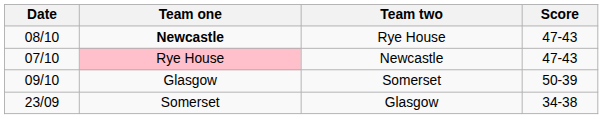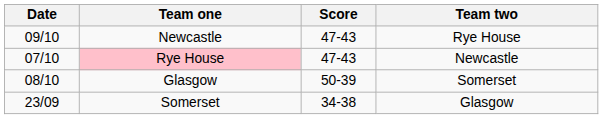 <table class="wikitable" style="text-align: center">
 <tr>
 <th width=80>Date</th>
 <th width=250>Team one</th>
+<th width=80>Score</th>
 <th width=250>Team two</th>
-<th width=80>Score</th>
 </tr>
 <tr>
-<td>08/10</td>
-<td><strong>Newcastle</strong></td>
+<td>09/10</td>
+<td>Newcastle</td>
+<td>47-43</td>
 <td>Rye House</td>
-<td>47-43</td>
 </tr>
 <tr>
 <td>07/10</td>
 <td style="background: pink;">Rye House</td>
+<td>47-43</td>
 <td>Newcastle</td>
-<td>47-43</td>
 </tr>
 <tr>
-<td>09/10</td>
+<td>08/10</td>
 <td>Glasgow</td>
+<td>50-39</td>
 <td>Somerset</td>
-<td>50-39</td>
 </tr>
 <tr>
 <td>23/09</td>
 <td>Somerset</td>
+<td>34-38</td>
 <td>Glasgow</td>
-<td>34-38</td>
 </tr>
 </table>
